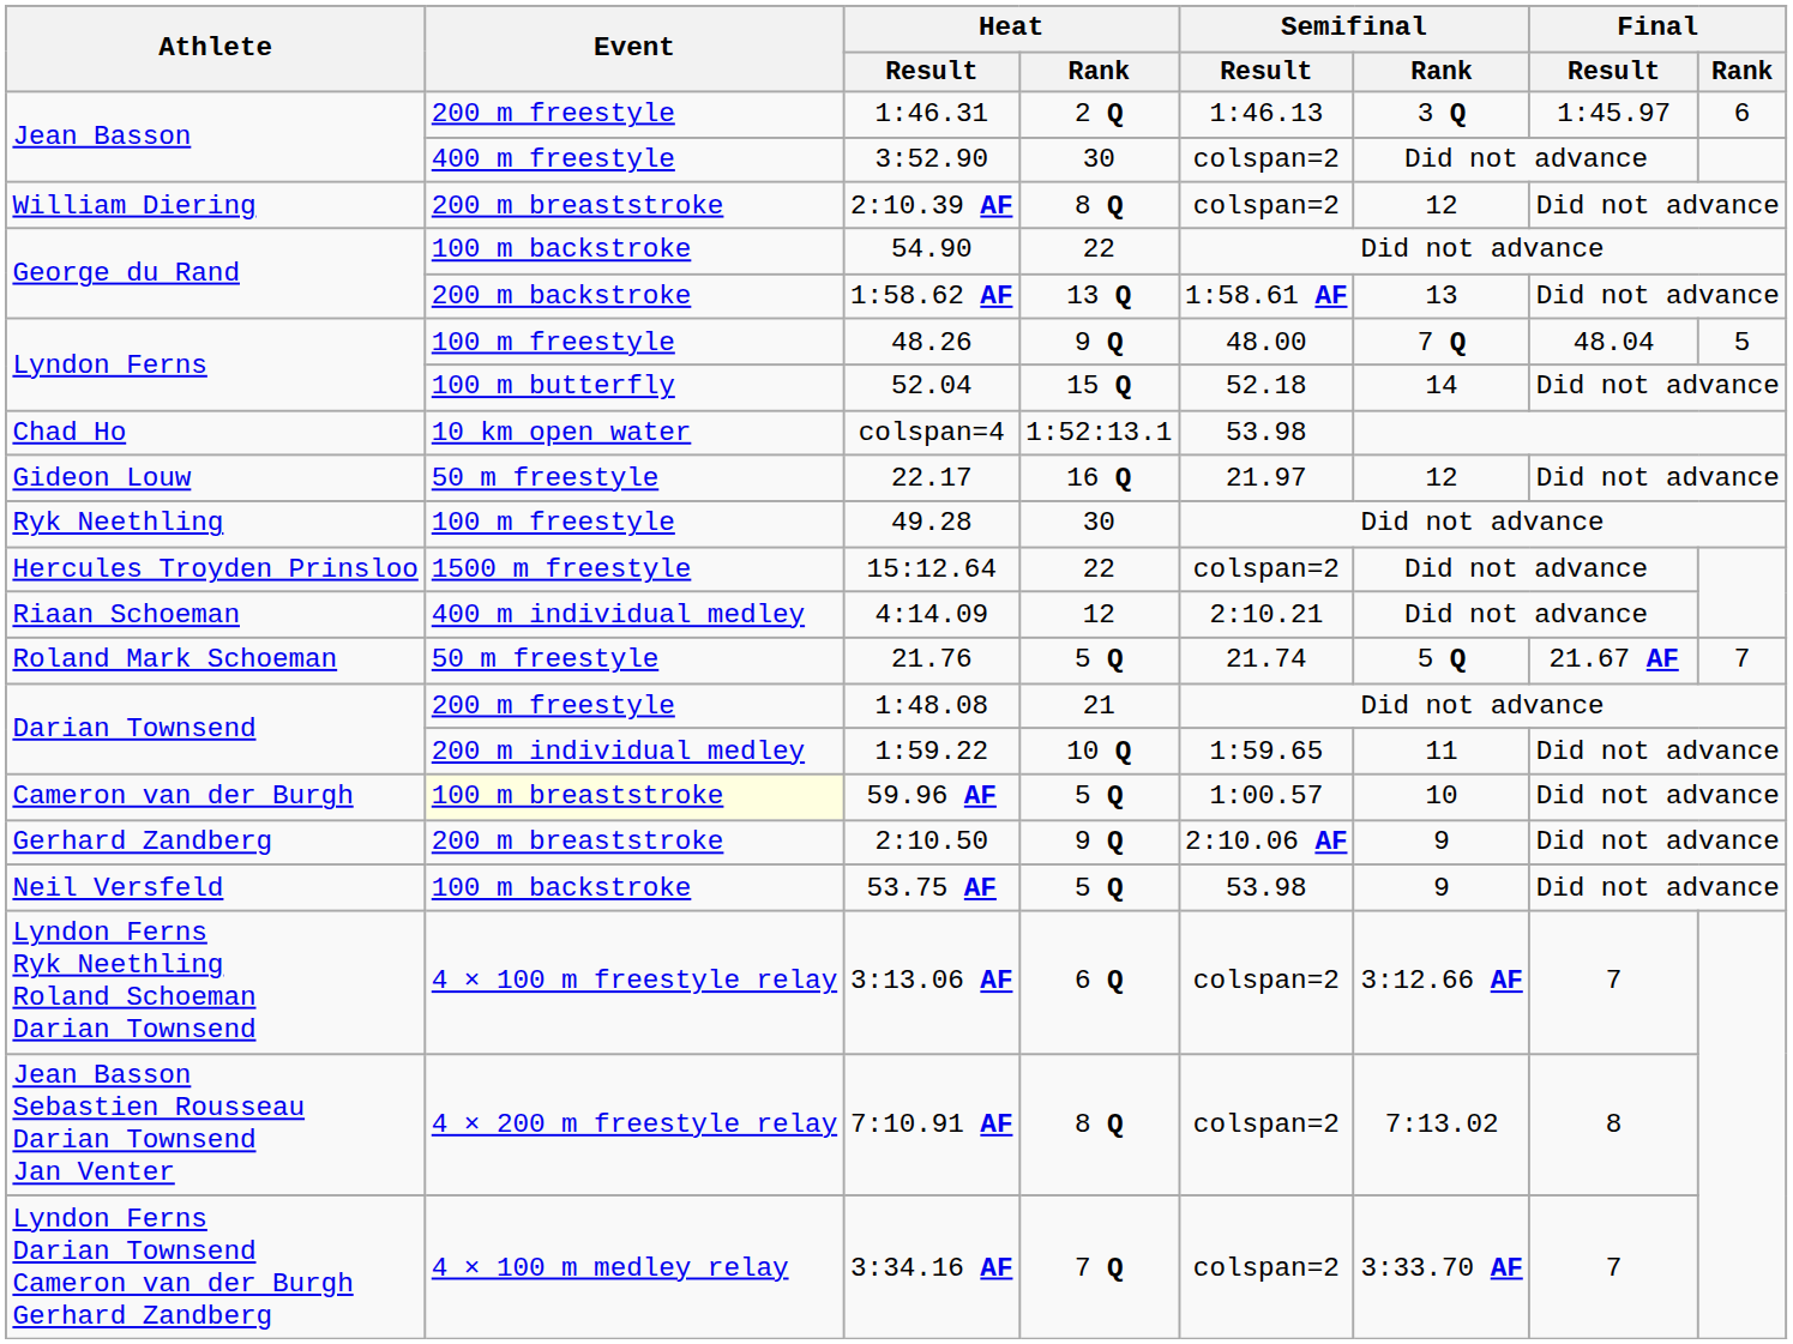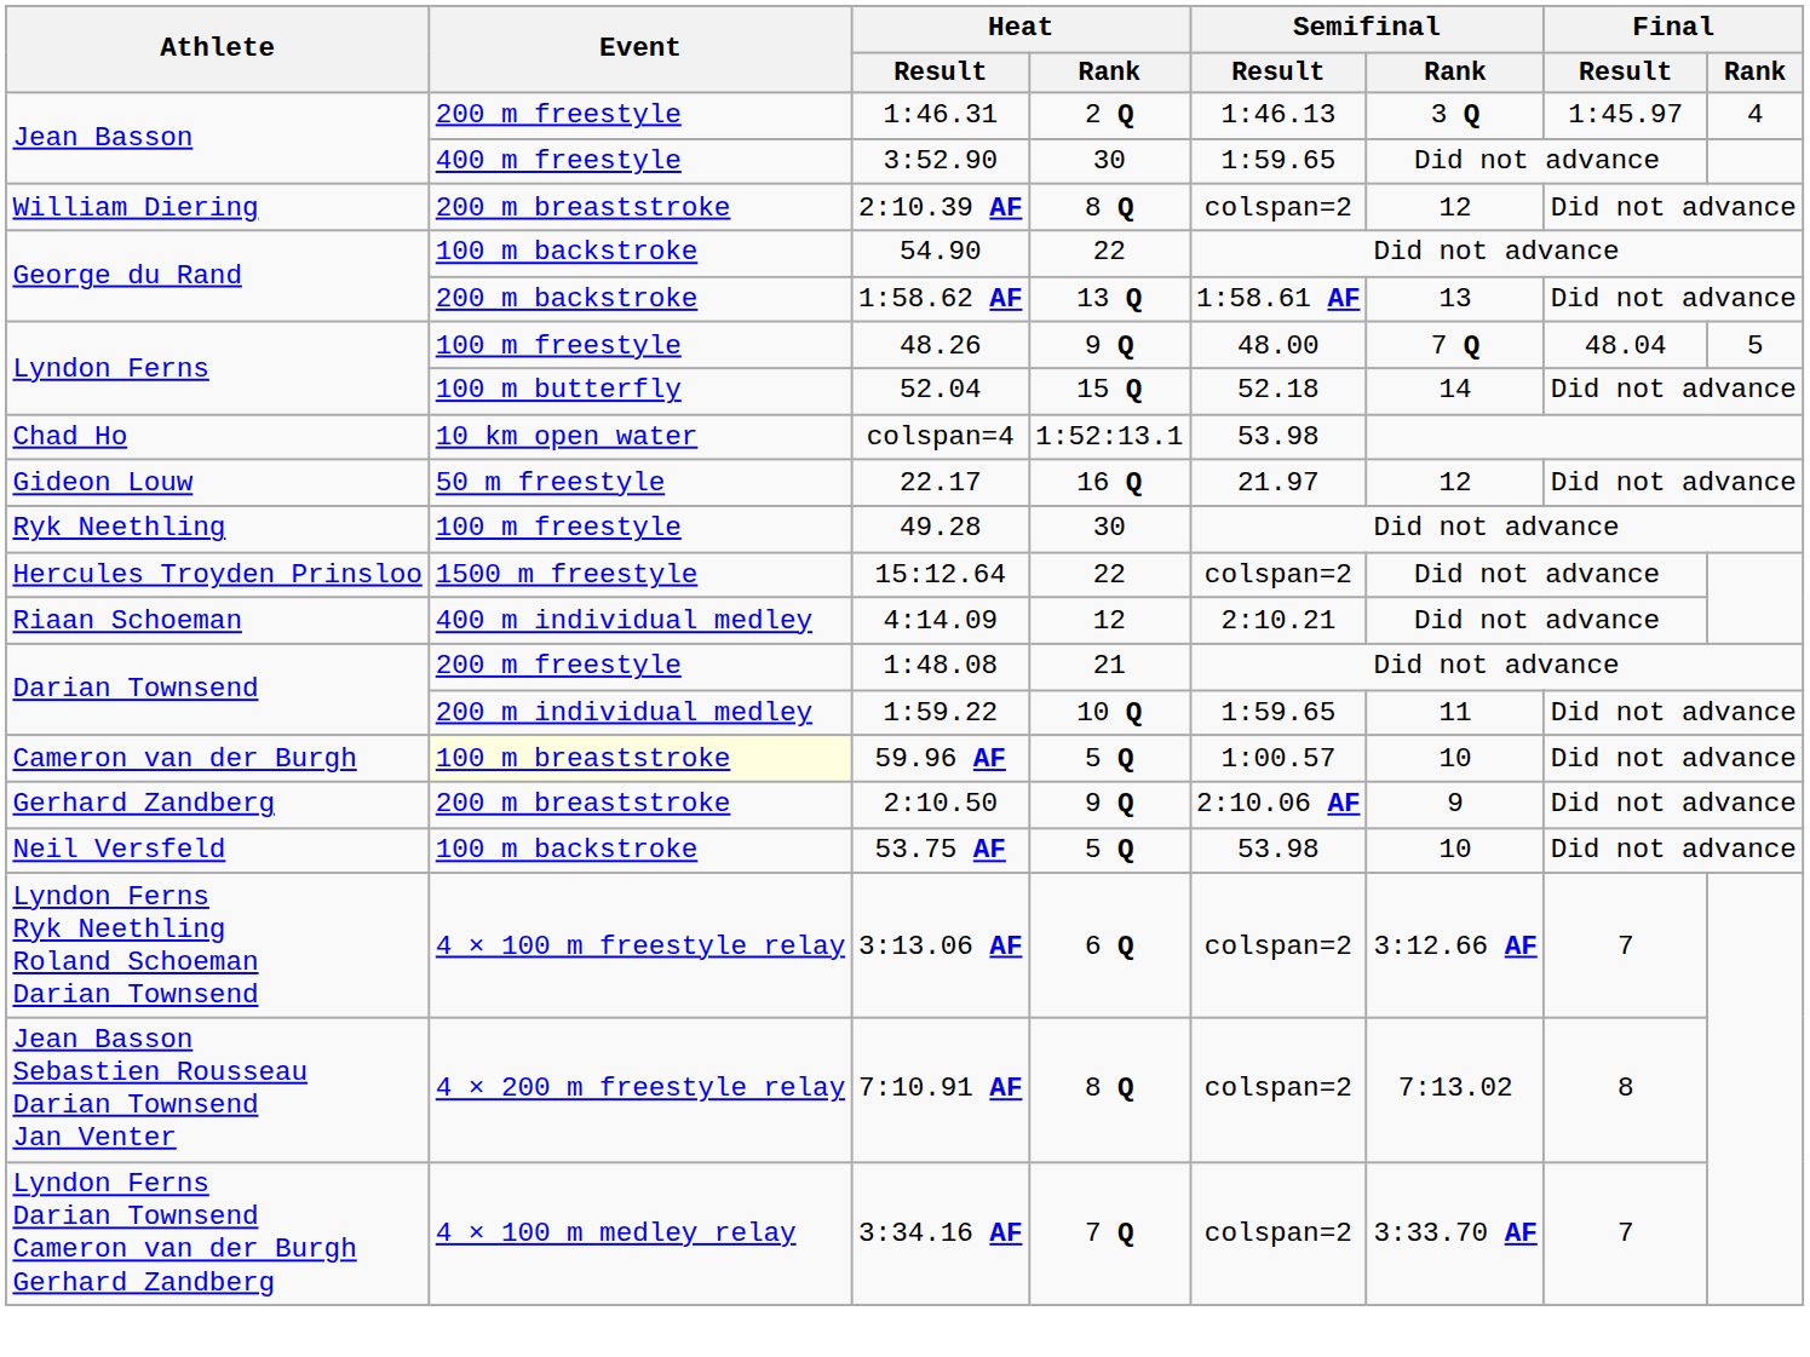 <table class=wikitable style="font-size:90%">
 <tr>
 <th rowspan="2">Athlete</th>
 <th rowspan="2">Event</th>
 <th colspan="2">Heat</th>
 <th colspan="2">Semifinal</th>
 <th colspan="2">Final</th>
 </tr>
 <tr style="font-size:95%">
 <th>Result</th>
 <th>Rank</th>
 <th>Result</th>
 <th>Rank</th>
 <th>Result</th>
 <th>Rank</th>
 </tr>
 <tr align=center>
 <td align=left rowspan=2><a href='#'>Jean Basson</a></td>
 <td align=left><a href='#'>200 m freestyle</a></td>
 <td>1:46.31</td>
 <td>2 <strong>Q</strong></td>
 <td>1:46.13</td>
 <td>3 <strong>Q</strong></td>
 <td>1:45.97</td>
-<td>6</td>
+<td>4</td>
 </tr>
 <tr align=center>
 <td align=left><a href='#'>400 m freestyle</a></td>
 <td>3:52.90</td>
 <td>30</td>
-<td>colspan=2 </td>
+<td>1:59.65</td>
 <td colspan=2>Did not advance</td>
 </tr>
 <tr align=center>
 <td align=left><a href='#'>William Diering</a></td>
 <td align=left><a href='#'>200 m breaststroke</a></td>
 <td>2:10.39 <strong><a href='#'>AF</a></strong></td>
 <td>8 <strong>Q</strong></td>
 <td>colspan=2 </td>
 <td>12</td>
 <td colspan=2>Did not advance</td>
 </tr>
 <tr align=center>
 <td align=left rowspan=2><a href='#'>George du Rand</a></td>
 <td align=left><a href='#'>100 m backstroke</a></td>
 <td>54.90</td>
 <td>22</td>
 <td colspan=4>Did not advance</td>
 </tr>
 <tr align=center>
 <td align=left><a href='#'>200 m backstroke</a></td>
 <td>1:58.62 <strong><a href='#'>AF</a></strong></td>
 <td>13 <strong>Q</strong></td>
 <td>1:58.61 <strong><a href='#'>AF</a></strong></td>
 <td>13</td>
 <td colspan=2>Did not advance</td>
 </tr>
 <tr align=center>
 <td align=left rowspan=2><a href='#'>Lyndon Ferns</a></td>
 <td align=left><a href='#'>100 m freestyle</a></td>
 <td>48.26</td>
 <td>9 <strong>Q</strong></td>
 <td>48.00</td>
 <td>7 <strong>Q</strong></td>
 <td>48.04</td>
 <td>5</td>
 </tr>
 <tr align=center>
 <td align=left><a href='#'>100 m butterfly</a></td>
 <td>52.04</td>
 <td>15 <strong>Q</strong></td>
 <td>52.18</td>
 <td>14</td>
 <td colspan=2>Did not advance</td>
 </tr>
 <tr align=center>
 <td align=left><a href='#'>Chad Ho</a></td>
 <td align=left><a href='#'>10 km open water</a></td>
 <td>colspan=4 </td>
 <td>1:52:13.1</td>
 <td>53.98</td>
 </tr>
 <tr align=center>
 <td align=left><a href='#'>Gideon Louw</a></td>
 <td align=left><a href='#'>50 m freestyle</a></td>
 <td>22.17</td>
 <td>16 <strong>Q</strong></td>
 <td>21.97</td>
 <td>12</td>
 <td colspan=2>Did not advance</td>
 </tr>
 <tr align=center>
 <td align=left><a href='#'>Ryk Neethling</a></td>
 <td align=left><a href='#'>100 m freestyle</a></td>
 <td>49.28</td>
 <td>30</td>
 <td colspan=4>Did not advance</td>
 </tr>
 <tr align=center>
 <td align=left><a href='#'>Hercules Troyden Prinsloo</a></td>
 <td align=left><a href='#'>1500 m freestyle</a></td>
 <td>15:12.64</td>
 <td>22</td>
 <td>colspan=2 </td>
 <td colspan=2>Did not advance</td>
 </tr>
 <tr align=center>
 <td align=left><a href='#'>Riaan Schoeman</a></td>
 <td align=left><a href='#'>400 m individual medley</a></td>
 <td>4:14.09</td>
 <td>12</td>
 <td>2:10.21</td>
 <td colspan=2>Did not advance</td>
 </tr>
 <tr align=center>
-<td align=left><a href='#'>Roland Mark Schoeman</a></td>
-<td align=left><a href='#'>50 m freestyle</a></td>
-<td>21.76</td>
-<td>5 <strong>Q</strong></td>
-<td>21.74</td>
-<td>5 <strong>Q</strong></td>
-<td>21.67 <strong><a href='#'>AF</a></strong></td>
-<td>7</td>
-</tr>
-<tr align=center>
 <td align=left rowspan=2><a href='#'>Darian Townsend</a></td>
 <td align=left><a href='#'>200 m freestyle</a></td>
 <td>1:48.08</td>
 <td>21</td>
 <td colspan=4>Did not advance</td>
 </tr>
 <tr align=center>
 <td align=left><a href='#'>200 m individual medley</a></td>
 <td>1:59.22</td>
 <td>10 <strong>Q</strong></td>
 <td>1:59.65</td>
 <td>11</td>
 <td colspan=2>Did not advance</td>
 </tr>
 <tr align=center>
 <td align=left><a href='#'>Cameron van der Burgh</a></td>
 <td align=left style="background: lightyellow;"><a href='#'>100 m breaststroke</a></td>
 <td>59.96 <strong><a href='#'>AF</a></strong></td>
 <td>5 <strong>Q</strong></td>
 <td>1:00.57</td>
 <td>10</td>
 <td colspan=2>Did not advance</td>
 </tr>
 <tr align=center>
 <td align=left><a href='#'>Gerhard Zandberg</a></td>
 <td align=left><a href='#'>200 m breaststroke</a></td>
 <td>2:10.50</td>
 <td>9 <strong>Q</strong></td>
 <td>2:10.06 <strong><a href='#'>AF</a></strong></td>
 <td>9</td>
 <td colspan=2>Did not advance</td>
 </tr>
 <tr align=center>
 <td align=left><a href='#'>Neil Versfeld</a></td>
 <td align=left><a href='#'>100 m backstroke</a></td>
 <td>53.75 <strong><a href='#'>AF</a></strong></td>
 <td>5 <strong>Q</strong></td>
 <td>53.98</td>
-<td>9</td>
+<td>10</td>
 <td colspan=2>Did not advance</td>
 </tr>
 <tr align=center>
 <td align=left><a href='#'>Lyndon Ferns</a><br><a href='#'>Ryk Neethling</a><br><a href='#'>Roland Schoeman</a><br><a href='#'>Darian Townsend</a></td>
 <td align=left><a href='#'>4 × 100 m freestyle relay</a></td>
 <td>3:13.06 <strong><a href='#'>AF</a></strong></td>
 <td>6 <strong>Q</strong></td>
 <td>colspan=2 </td>
 <td>3:12.66 <strong><a href='#'>AF</a></strong></td>
 <td>7</td>
 </tr>
 <tr align=center>
 <td align=left><a href='#'>Jean Basson</a><br><a href='#'>Sebastien Rousseau</a><br><a href='#'>Darian Townsend</a><br><a href='#'>Jan Venter</a></td>
 <td align=left><a href='#'>4 × 200 m freestyle relay</a></td>
 <td>7:10.91 <strong><a href='#'>AF</a></strong></td>
 <td>8 <strong>Q</strong></td>
 <td>colspan=2 </td>
 <td>7:13.02</td>
 <td>8</td>
 </tr>
 <tr align=center>
 <td align=left><a href='#'>Lyndon Ferns</a><br><a href='#'>Darian Townsend</a><br><a href='#'>Cameron van der Burgh</a><br><a href='#'>Gerhard Zandberg</a></td>
 <td align=left><a href='#'>4 × 100 m medley relay</a></td>
 <td>3:34.16 <strong><a href='#'>AF</a></strong></td>
 <td>7 <strong>Q</strong></td>
 <td>colspan=2 </td>
 <td>3:33.70 <strong><a href='#'>AF</a></strong></td>
 <td>7</td>
 </tr>
 </table>
